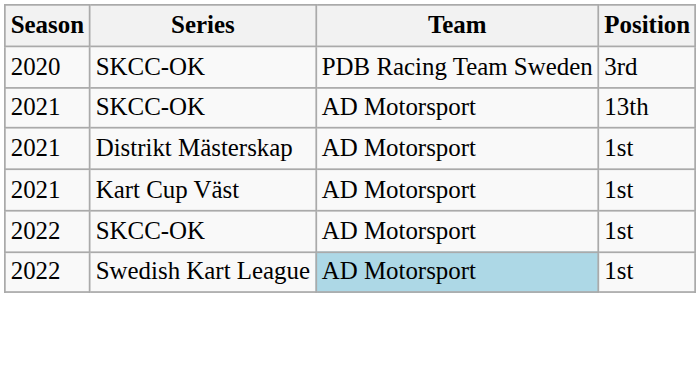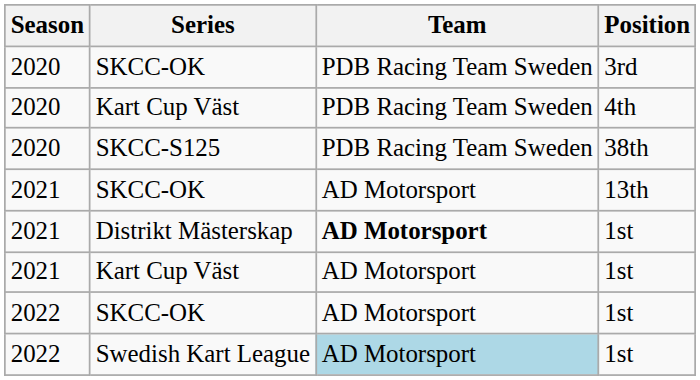 <table class="wikitable" style="font-size: 90%">
 <tr>
 <th>Season</th>
 <th>Series</th>
 <th>Team</th>
 <th>Position</th>
 </tr>
 <tr>
 <td>2020</td>
 <td>SKCC-OK</td>
 <td>PDB Racing Team Sweden</td>
 <td>3rd</td>
 </tr>
 <tr>
+<td>2020</td>
+<td>Kart Cup Väst</td>
+<td>PDB Racing Team Sweden</td>
+<td>4th</td>
+</tr>
+<tr>
+<td>2020</td>
+<td>SKCC-S125</td>
+<td>PDB Racing Team Sweden</td>
+<td>38th</td>
+</tr>
+<tr>
 <td>2021</td>
 <td>SKCC-OK</td>
 <td>AD Motorsport</td>
 <td>13th</td>
 </tr>
 <tr>
 <td>2021</td>
 <td>Distrikt Mästerskap</td>
-<td>AD Motorsport</td>
+<td><strong>AD Motorsport</strong></td>
 <td>1st</td>
 </tr>
 <tr>
 <td>2021</td>
 <td>Kart Cup Väst</td>
 <td>AD Motorsport</td>
 <td>1st</td>
 </tr>
 <tr>
 <td>2022</td>
 <td>SKCC-OK</td>
 <td>AD Motorsport</td>
 <td>1st</td>
 </tr>
 <tr>
 <td>2022</td>
 <td>Swedish Kart League</td>
 <td style="background: lightblue;">AD Motorsport</td>
 <td>1st</td>
 </tr>
 </table>
